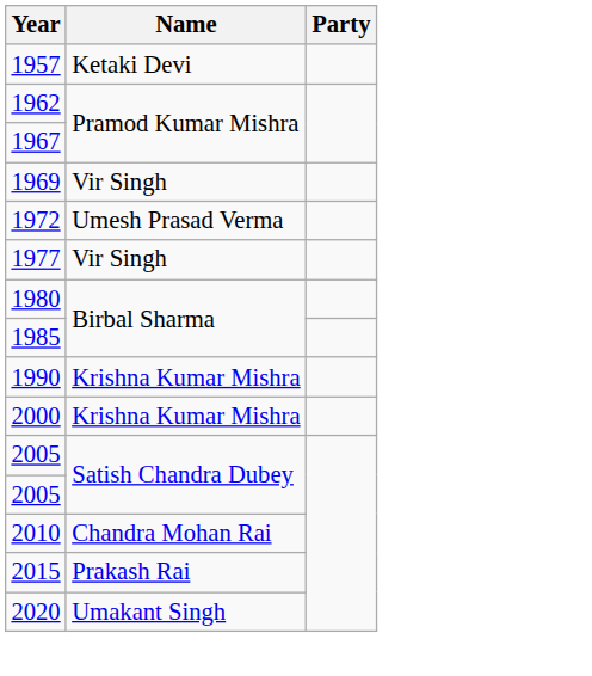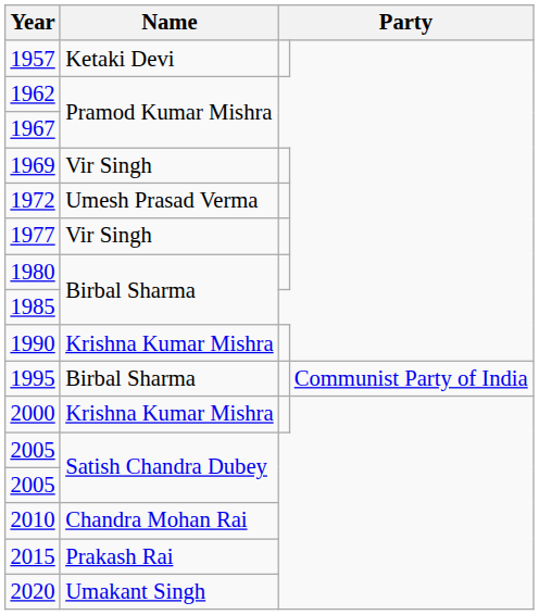 <table class="wikitable sortable">
 <tr>
 <th>Year</th>
 <th>Name</th>
 <th colspan="2">Party</th>
 </tr>
 <tr>
 <td><a href='#'>1957</a></td>
 <td>Ketaki Devi</td>
 <td></td>
 </tr>
 <tr>
 <td><a href='#'>1962</a></td>
 <td rowspan="2">Pramod Kumar Mishra</td>
 </tr>
 <tr>
 <td><a href='#'>1967</a></td>
 </tr>
 <tr>
 <td><a href='#'>1969</a></td>
 <td>Vir Singh</td>
 <td></td>
 </tr>
 <tr>
 <td><a href='#'>1972</a></td>
 <td>Umesh Prasad Verma</td>
 <td></td>
 </tr>
 <tr>
 <td><a href='#'>1977</a></td>
 <td>Vir Singh</td>
 <td></td>
 </tr>
 <tr>
 <td><a href='#'>1980</a></td>
 <td rowspan="2">Birbal Sharma</td>
 <td></td>
 </tr>
 <tr>
 <td><a href='#'>1985</a></td>
 </tr>
 <tr>
 <td><a href='#'>1990</a></td>
 <td><a href='#'>Krishna Kumar Mishra</a></td>
 <td></td>
 </tr>
 <tr>
+<td><a href='#'>1995</a></td>
+<td>Birbal Sharma</td>
+<td style="background-color: "></td>
+<td rowspan=""><a href='#'>Communist Party of India</a></td>
+</tr>
+<tr>
 <td><a href='#'>2000</a></td>
 <td><a href='#'>Krishna Kumar Mishra</a></td>
 <td></td>
 </tr>
 <tr>
 <td><a href='#'>2005</a></td>
 <td rowspan="2"><a href='#'>Satish Chandra Dubey</a></td>
 </tr>
 <tr>
 <td><a href='#'>2005</a></td>
 </tr>
 <tr>
 <td><a href='#'>2010</a></td>
 <td><a href='#'>Chandra Mohan Rai</a></td>
 </tr>
 <tr>
 <td><a href='#'>2015</a></td>
 <td><a href='#'>Prakash Rai</a></td>
 </tr>
 <tr>
 <td><a href='#'>2020</a></td>
 <td><a href='#'>Umakant Singh</a></td>
 </tr>
 </table>
